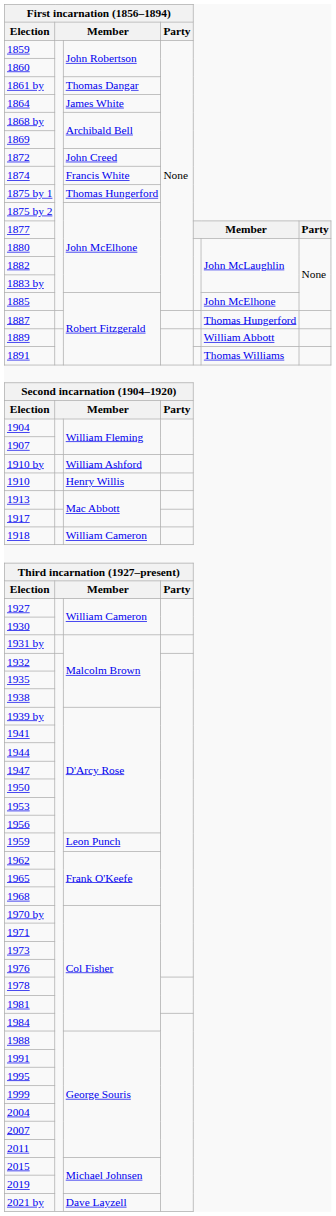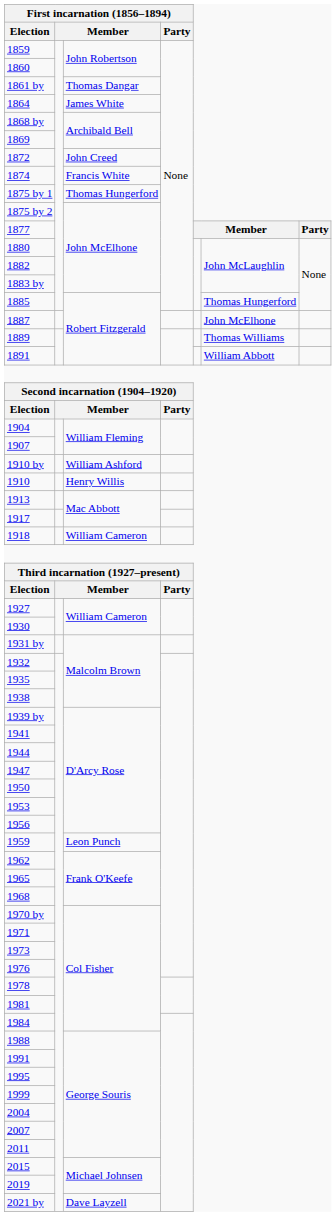 <table class="wikitable" style='border-style: none none none none;'>
 <tr>
 <th colspan="4">First incarnation (1856–1894)</th>
 </tr>
 <tr>
 <th>Election</th>
 <th colspan="2">Member</th>
 <th>Party</th>
 </tr>
 <tr style="background: #f9f9f9">
 <td><a href='#'>1859</a></td>
 <td rowspan="15" > </td>
 <td rowspan="2"><a href='#'>John Robertson</a></td>
 <td rowspan="15">None</td>
 </tr>
 <tr style="background: #f9f9f9">
 <td><a href='#'>1860</a></td>
 </tr>
 <tr style="background: #f9f9f9">
 <td><a href='#'>1861 by</a></td>
 <td><a href='#'>Thomas Dangar</a></td>
 </tr>
 <tr style="background: #f9f9f9">
 <td><a href='#'>1864</a></td>
 <td><a href='#'>James White</a></td>
 </tr>
 <tr style="background: #f9f9f9">
 <td><a href='#'>1868 by</a></td>
 <td rowspan="2"><a href='#'>Archibald Bell</a></td>
 </tr>
 <tr style="background: #f9f9f9">
 <td><a href='#'>1869</a></td>
 </tr>
 <tr style="background: #f9f9f9">
 <td><a href='#'>1872</a></td>
 <td><a href='#'>John Creed</a></td>
 </tr>
 <tr style="background: #f9f9f9">
 <td><a href='#'>1874</a></td>
 <td><a href='#'>Francis White</a></td>
 </tr>
 <tr style="background: #f9f9f9">
 <td><a href='#'>1875 by 1</a></td>
 <td><a href='#'>Thomas Hungerford</a></td>
 </tr>
 <tr style="background: #f9f9f9">
 <td><a href='#'>1875 by 2</a></td>
 <td rowspan="5"><a href='#'>John McElhone</a></td>
 </tr>
 <tr style="background: #f9f9f9">
 <td><a href='#'>1877</a></td>
 <th colspan="2">Member</th>
 <th>Party</th>
 </tr>
 <tr style="background: #f9f9f9">
 <td><a href='#'>1880</a></td>
 <td rowspan="4" > </td>
 <td rowspan="3"><a href='#'>John McLaughlin</a></td>
 <td rowspan="4">None</td>
 </tr>
 <tr style="background: #f9f9f9">
 <td><a href='#'>1882</a></td>
 </tr>
 <tr style="background: #f9f9f9">
 <td><a href='#'>1883 by</a></td>
 </tr>
 <tr style="background: #f9f9f9">
 <td><a href='#'>1885</a></td>
 <td rowspan="4"><a href='#'>Robert Fitzgerald</a></td>
-<td><a href='#'>John McElhone</a></td>
+<td><a href='#'>Thomas Hungerford</a></td>
 </tr>
 <tr style="background: #f9f9f9">
 <td><a href='#'>1887</a></td>
 <td> </td>
 <td></td>
 <td> </td>
-<td><a href='#'>Thomas Hungerford</a></td>
+<td><a href='#'>John McElhone</a></td>
 <td></td>
 </tr>
 <tr style="background: #f9f9f9">
 <td><a href='#'>1889</a></td>
 <td rowspan="2" > </td>
 <td rowspan="2"></td>
 <td> </td>
-<td><a href='#'>William Abbott</a></td>
+<td><a href='#'>Thomas Williams</a></td>
 <td></td>
 </tr>
 <tr style="background: #f9f9f9">
 <td><a href='#'>1891</a></td>
 <td> </td>
-<td><a href='#'>Thomas Williams</a></td>
+<td><a href='#'>William Abbott</a></td>
 <td></td>
 </tr>
 <tr>
 <td colspan="4" style='border-style: none none none none;'> </td>
 </tr>
 <tr>
 <th colspan="4">Second incarnation (1904–1920)</th>
 </tr>
 <tr>
 <th>Election</th>
 <th colspan="2">Member</th>
 <th>Party</th>
 </tr>
 <tr style="background: #f9f9f9">
 <td><a href='#'>1904</a></td>
 <td rowspan="2" > </td>
 <td rowspan="2"><a href='#'>William Fleming</a></td>
 <td rowspan="2"></td>
 </tr>
 <tr style="background: #f9f9f9">
 <td><a href='#'>1907</a></td>
 </tr>
 <tr style="background: #f9f9f9">
 <td><a href='#'>1910 by</a></td>
 <td> </td>
 <td><a href='#'>William Ashford</a></td>
 <td></td>
 </tr>
 <tr>
 <td><a href='#'>1910</a></td>
 <td> </td>
 <td><a href='#'>Henry Willis</a></td>
 <td></td>
 </tr>
 <tr>
 <td><a href='#'>1913</a></td>
 <td> </td>
 <td rowspan="2"><a href='#'>Mac Abbott</a></td>
 <td></td>
 </tr>
 <tr style="background: #f9f9f9">
 <td><a href='#'>1917</a></td>
 <td> </td>
 <td></td>
 </tr>
 <tr>
 <td><a href='#'>1918</a></td>
 <td> </td>
 <td><a href='#'>William Cameron</a></td>
 <td></td>
 </tr>
 <tr>
 <td colspan="4" style='border-style: none none none none;'> </td>
 </tr>
 <tr>
 <th colspan="4">Third incarnation (1927–present)</th>
 </tr>
 <tr>
 <th>Election</th>
 <th colspan="2">Member</th>
 <th>Party</th>
 </tr>
 <tr style="background: #f9f9f9">
 <td><a href='#'>1927</a></td>
 <td rowspan="2" > </td>
 <td rowspan="2"><a href='#'>William Cameron</a></td>
 <td rowspan="2"></td>
 </tr>
 <tr style="background: #f9f9f9">
 <td><a href='#'>1930</a></td>
 </tr>
 <tr style="background: #f9f9f9">
 <td><a href='#'>1931 by</a></td>
 <td> </td>
 <td rowspan="4"><a href='#'>Malcolm Brown</a></td>
 <td></td>
 </tr>
 <tr style="background: #f9f9f9">
 <td><a href='#'>1932</a></td>
 <td rowspan="31" > </td>
 <td rowspan="18"></td>
 </tr>
 <tr style="background: #f9f9f9">
 <td><a href='#'>1935</a></td>
 </tr>
 <tr style="background: #f9f9f9">
 <td><a href='#'>1938</a></td>
 </tr>
 <tr style="background: #f9f9f9">
 <td><a href='#'>1939 by</a></td>
 <td rowspan="7"><a href='#'>D'Arcy Rose</a></td>
 </tr>
 <tr style="background: #f9f9f9">
 <td><a href='#'>1941</a></td>
 </tr>
 <tr style="background: #f9f9f9">
 <td><a href='#'>1944</a></td>
 </tr>
 <tr style="background: #f9f9f9">
 <td><a href='#'>1947</a></td>
 </tr>
 <tr style="background: #f9f9f9">
 <td><a href='#'>1950</a></td>
 </tr>
 <tr style="background: #f9f9f9">
 <td><a href='#'>1953</a></td>
 </tr>
 <tr style="background: #f9f9f9">
 <td><a href='#'>1956</a></td>
 </tr>
 <tr style="background: #f9f9f9">
 <td><a href='#'>1959</a></td>
 <td><a href='#'>Leon Punch</a></td>
 </tr>
 <tr style="background: #f9f9f9">
 <td><a href='#'>1962</a></td>
 <td rowspan="3"><a href='#'>Frank O'Keefe</a></td>
 </tr>
 <tr style="background: #f9f9f9">
 <td><a href='#'>1965</a></td>
 </tr>
 <tr style="background: #f9f9f9">
 <td><a href='#'>1968</a></td>
 </tr>
 <tr style="background: #f9f9f9">
 <td><a href='#'>1970 by</a></td>
 <td rowspan="7"><a href='#'>Col Fisher</a></td>
 </tr>
 <tr style="background: #f9f9f9">
 <td><a href='#'>1971</a></td>
 </tr>
 <tr style="background: #f9f9f9">
 <td><a href='#'>1973</a></td>
 </tr>
 <tr style="background: #f9f9f9">
 <td><a href='#'>1976</a></td>
 </tr>
 <tr style="background: #f9f9f9">
 <td><a href='#'>1978</a></td>
 <td rowspan="2"></td>
 </tr>
 <tr style="background: #f9f9f9">
 <td><a href='#'>1981</a></td>
 </tr>
 <tr style="background: #f9f9f9">
 <td><a href='#'>1984</a></td>
 <td rowspan="11"></td>
 </tr>
 <tr style="background: #f9f9f9">
 <td><a href='#'>1988</a></td>
 <td rowspan="7"><a href='#'>George Souris</a></td>
 </tr>
 <tr style="background: #f9f9f9">
 <td><a href='#'>1991</a></td>
 </tr>
 <tr style="background: #f9f9f9">
 <td><a href='#'>1995</a></td>
 </tr>
 <tr style="background: #f9f9f9">
 <td><a href='#'>1999</a></td>
 </tr>
 <tr style="background: #f9f9f9">
 <td><a href='#'>2004</a></td>
 </tr>
 <tr style="background: #f9f9f9">
 <td><a href='#'>2007</a></td>
 </tr>
 <tr style="background: #f9f9f9">
 <td><a href='#'>2011</a></td>
 </tr>
 <tr style="background: #f9f9f9">
 <td><a href='#'>2015</a></td>
 <td rowspan="2"><a href='#'>Michael Johnsen</a></td>
 </tr>
 <tr style="background: #f9f9f9">
 <td><a href='#'>2019</a></td>
 </tr>
 <tr style="background: #f9f9f9">
 <td><a href='#'>2021 by</a></td>
 <td><a href='#'>Dave Layzell</a></td>
 </tr>
 </table>
